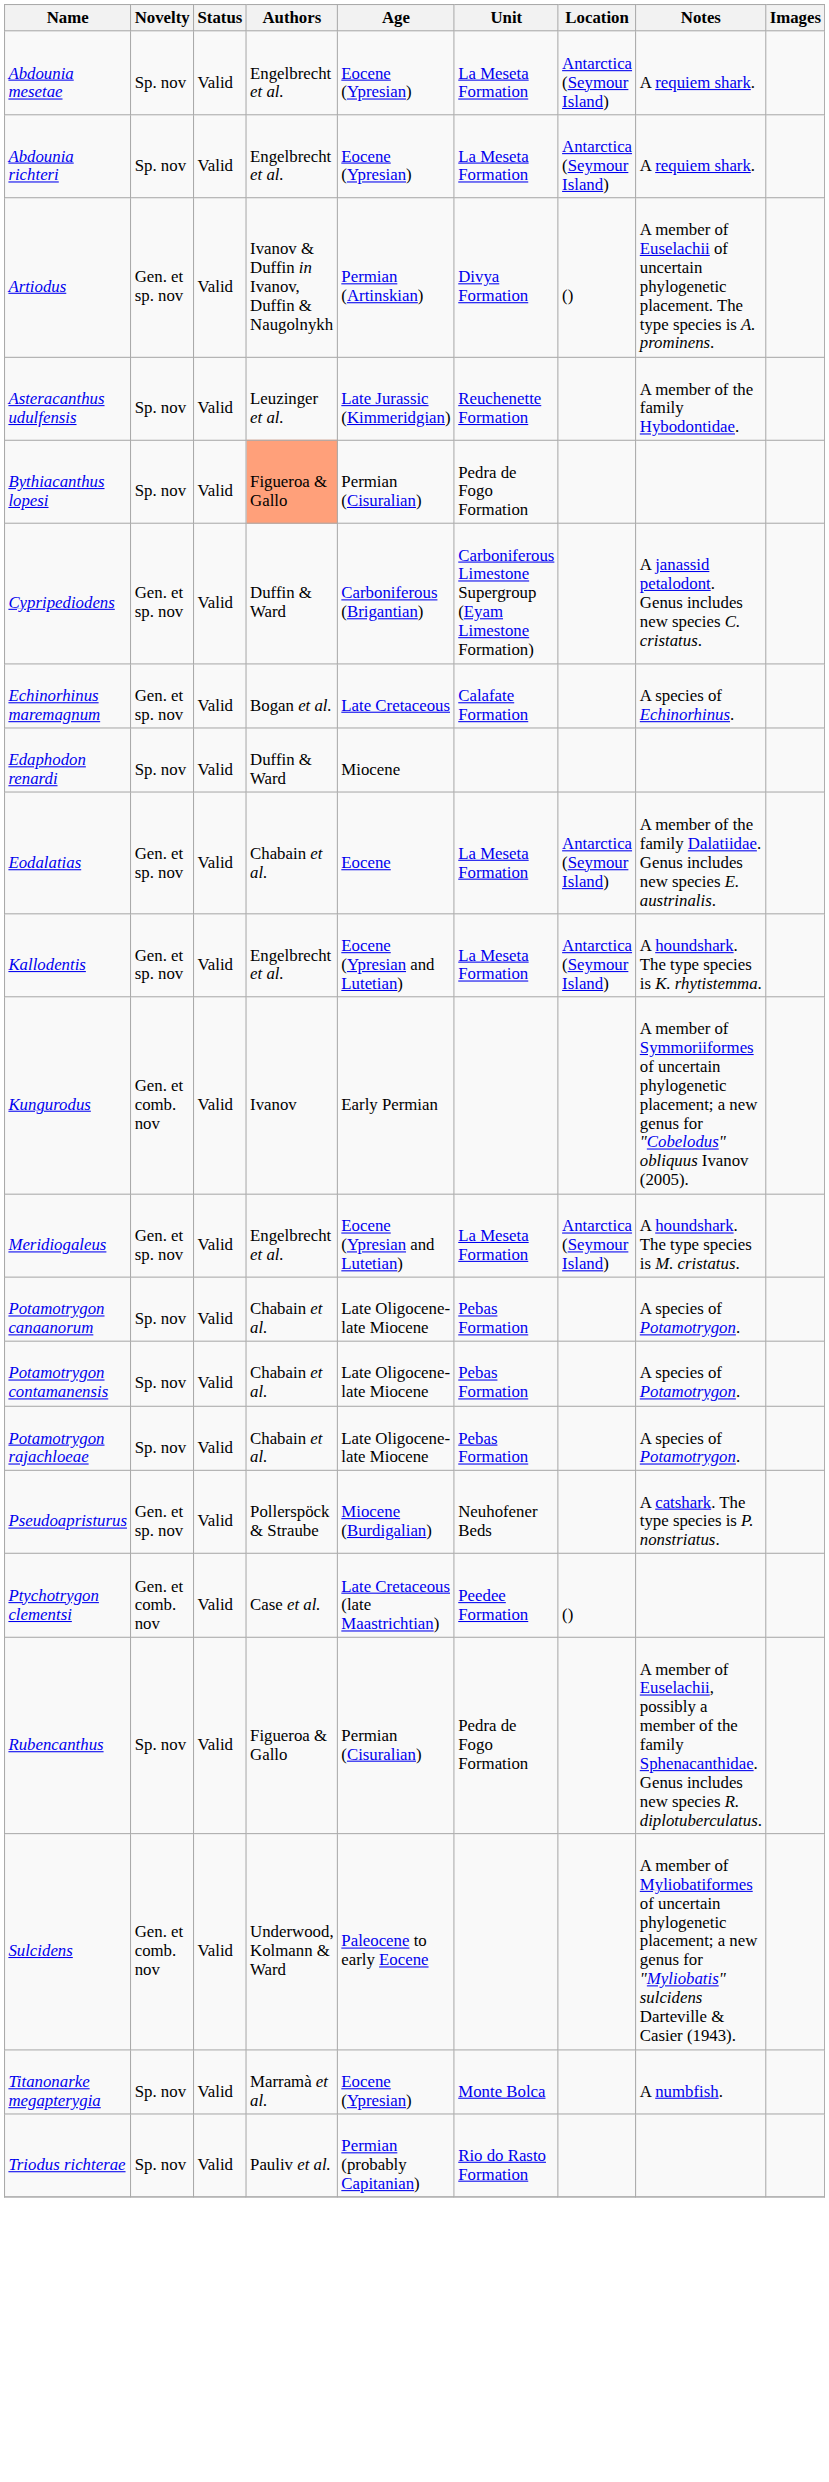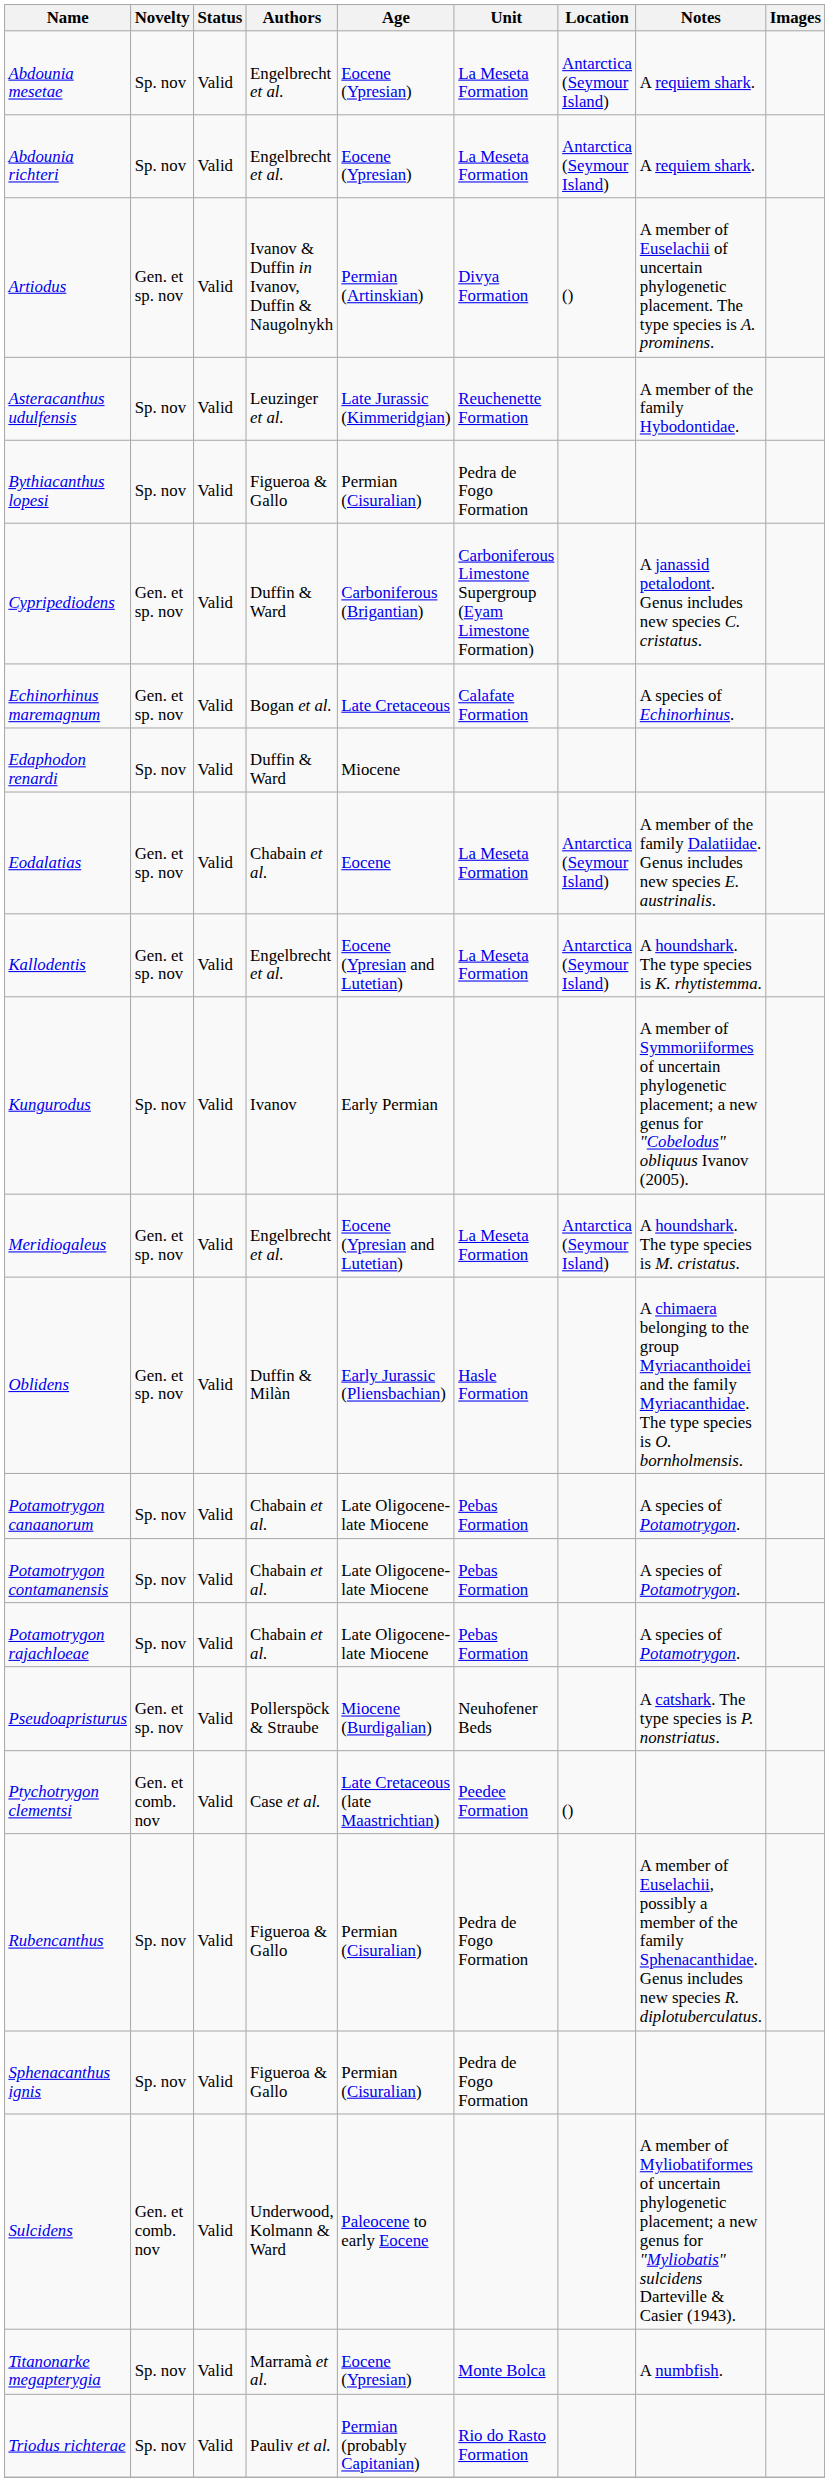 <table class="wikitable sortable" align="center" width="100%">
 <tr>
 <th>Name</th>
 <th>Novelty</th>
 <th>Status</th>
 <th>Authors</th>
 <th>Age</th>
 <th>Unit</th>
 <th>Location</th>
 <th>Notes</th>
 <th>Images</th>
 </tr>
 <tr>
 <td><br><em><a href='#'>Abdounia mesetae</a></em></td>
 <td><br>Sp. nov</td>
 <td><br>Valid</td>
 <td><br>Engelbrecht <em>et al.</em></td>
 <td><br><a href='#'>Eocene</a> (<a href='#'>Ypresian</a>)</td>
 <td><br><a href='#'>La Meseta Formation</a></td>
 <td><br><a href='#'>Antarctica</a><br>(<a href='#'>Seymour Island</a>)</td>
 <td><br>A <a href='#'>requiem shark</a>.</td>
 <td></td>
 </tr>
 <tr>
 <td><br><em><a href='#'>Abdounia richteri</a></em></td>
 <td><br>Sp. nov</td>
 <td><br>Valid</td>
 <td><br>Engelbrecht <em>et al.</em></td>
 <td><br><a href='#'>Eocene</a> (<a href='#'>Ypresian</a>)</td>
 <td><br><a href='#'>La Meseta Formation</a></td>
 <td><br><a href='#'>Antarctica</a><br>(<a href='#'>Seymour Island</a>)</td>
 <td><br>A <a href='#'>requiem shark</a>.</td>
 <td></td>
 </tr>
 <tr>
 <td><br><em><a href='#'>Artiodus</a></em></td>
 <td><br>Gen. et sp. nov</td>
 <td><br>Valid</td>
 <td><br>Ivanov & Duffin <em>in</em> Ivanov, Duffin & Naugolnykh</td>
 <td><br><a href='#'>Permian</a> (<a href='#'>Artinskian</a>)</td>
 <td><br><a href='#'>Divya Formation</a></td>
 <td><br><br>()</td>
 <td><br>A member of <a href='#'>Euselachii</a> of uncertain phylogenetic placement. The type species is <em>A. prominens</em>.</td>
 <td></td>
 </tr>
 <tr>
 <td><br><em><a href='#'>Asteracanthus udulfensis</a></em></td>
 <td><br>Sp. nov</td>
 <td><br>Valid</td>
 <td><br>Leuzinger <em>et al.</em></td>
 <td><br><a href='#'>Late Jurassic</a> (<a href='#'>Kimmeridgian</a>)</td>
 <td><br><a href='#'>Reuchenette Formation</a></td>
 <td><br></td>
 <td><br>A member of the family <a href='#'>Hybodontidae</a>.</td>
 <td></td>
 </tr>
 <tr>
 <td><br><em><a href='#'>Bythiacanthus lopesi</a></em></td>
 <td><br>Sp. nov</td>
 <td><br>Valid</td>
-<td style="background: lightsalmon;"><br>Figueroa & Gallo</td>
+<td><br>Figueroa & Gallo</td>
 <td><br>Permian (<a href='#'>Cisuralian</a>)</td>
 <td><br>Pedra de Fogo Formation</td>
 <td><br></td>
 <td></td>
 <td></td>
 </tr>
 <tr>
 <td><br><em><a href='#'>Cypripediodens</a></em></td>
 <td><br>Gen. et sp. nov</td>
 <td><br>Valid</td>
 <td><br>Duffin & Ward</td>
 <td><br><a href='#'>Carboniferous</a> (<a href='#'>Brigantian</a>)</td>
 <td><br><a href='#'>Carboniferous Limestone</a> Supergroup<br>(<a href='#'>Eyam Limestone</a> Formation)</td>
 <td><br></td>
 <td><br>A <a href='#'>janassid</a> <a href='#'>petalodont</a>. Genus includes new species <em>C. cristatus</em>.</td>
 <td></td>
 </tr>
 <tr>
 <td><br><em><a href='#'>Echinorhinus maremagnum</a></em></td>
 <td><br>Gen. et sp. nov</td>
 <td><br>Valid</td>
 <td><br>Bogan <em>et al.</em></td>
 <td><br><a href='#'>Late Cretaceous</a></td>
 <td><br><a href='#'>Calafate Formation</a></td>
 <td><br><br> </td>
 <td><br>A species of <em><a href='#'>Echinorhinus</a></em>.</td>
 <td></td>
 </tr>
 <tr>
 <td><br><em><a href='#'>Edaphodon renardi</a></em></td>
 <td><br>Sp. nov</td>
 <td><br>Valid</td>
 <td><br>Duffin & Ward</td>
 <td><br>Miocene</td>
 <td></td>
 <td><br></td>
 <td></td>
 <td></td>
 </tr>
 <tr>
 <td><br><em><a href='#'>Eodalatias</a></em></td>
 <td><br>Gen. et sp. nov</td>
 <td><br>Valid</td>
 <td><br>Chabain <em>et al.</em></td>
 <td><br><a href='#'>Eocene</a></td>
 <td><br><a href='#'>La Meseta Formation</a></td>
 <td><br><a href='#'>Antarctica</a><br>(<a href='#'>Seymour Island</a>)</td>
 <td><br>A member of the family <a href='#'>Dalatiidae</a>. Genus includes new species <em>E. austrinalis</em>.</td>
 <td></td>
 </tr>
 <tr>
 <td><br><em><a href='#'>Kallodentis</a></em></td>
 <td><br>Gen. et sp. nov</td>
 <td><br>Valid</td>
 <td><br>Engelbrecht <em>et al.</em></td>
 <td><br><a href='#'>Eocene</a> (<a href='#'>Ypresian</a> and <a href='#'>Lutetian</a>)</td>
 <td><br><a href='#'>La Meseta Formation</a></td>
 <td><br><a href='#'>Antarctica</a><br>(<a href='#'>Seymour Island</a>)</td>
 <td><br>A <a href='#'>houndshark</a>. The type species is <em>K. rhytistemma</em>.</td>
 <td></td>
 </tr>
 <tr>
 <td><br><em><a href='#'>Kungurodus</a></em></td>
-<td><br>Gen. et comb. nov</td>
+<td><br>Sp. nov</td>
 <td><br>Valid</td>
 <td><br>Ivanov</td>
 <td><br>Early Permian</td>
 <td></td>
 <td><br><br> </td>
 <td><br>A member of <a href='#'>Symmoriiformes</a> of uncertain phylogenetic placement; a new genus for <em>"<a href='#'>Cobelodus</a>" obliquus</em> Ivanov (2005).</td>
 <td></td>
 </tr>
 <tr>
 <td><br><em><a href='#'>Meridiogaleus</a></em></td>
 <td><br>Gen. et sp. nov</td>
 <td><br>Valid</td>
 <td><br>Engelbrecht <em>et al.</em></td>
 <td><br><a href='#'>Eocene</a> (<a href='#'>Ypresian</a> and <a href='#'>Lutetian</a>)</td>
 <td><br><a href='#'>La Meseta Formation</a></td>
 <td><br><a href='#'>Antarctica</a><br>(<a href='#'>Seymour Island</a>)</td>
 <td><br>A <a href='#'>houndshark</a>. The type species is <em>M. cristatus</em>.</td>
+<td></td>
+</tr>
+<tr>
+<td><br><em><a href='#'>Oblidens</a></em></td>
+<td><br>Gen. et sp. nov</td>
+<td><br>Valid</td>
+<td><br>Duffin & Milàn</td>
+<td><br><a href='#'>Early Jurassic</a> (<a href='#'>Pliensbachian</a>)</td>
+<td><br><a href='#'>Hasle Formation</a></td>
+<td><br></td>
+<td><br>A <a href='#'>chimaera</a> belonging to the group <a href='#'>Myriacanthoidei</a> and the family <a href='#'>Myriacanthidae</a>. The type species is <em>O. bornholmensis</em>.</td>
 <td></td>
 </tr>
 <tr>
 <td><br><em><a href='#'>Potamotrygon canaanorum</a></em></td>
 <td><br>Sp. nov</td>
 <td><br>Valid</td>
 <td><br>Chabain <em>et al.</em></td>
 <td><br>Late Oligocene-late Miocene</td>
 <td><br><a href='#'>Pebas Formation</a></td>
 <td><br></td>
 <td><br>A species of <em><a href='#'>Potamotrygon</a></em>.</td>
 <td></td>
 </tr>
 <tr>
 <td><br><em><a href='#'>Potamotrygon contamanensis</a></em></td>
 <td><br>Sp. nov</td>
 <td><br>Valid</td>
 <td><br>Chabain <em>et al.</em></td>
 <td><br>Late Oligocene-late Miocene</td>
 <td><br><a href='#'>Pebas Formation</a></td>
 <td><br></td>
 <td><br>A species of <em><a href='#'>Potamotrygon</a></em>.</td>
 <td></td>
 </tr>
 <tr>
 <td><br><em><a href='#'>Potamotrygon rajachloeae</a></em></td>
 <td><br>Sp. nov</td>
 <td><br>Valid</td>
 <td><br>Chabain <em>et al.</em></td>
 <td><br>Late Oligocene-late Miocene</td>
 <td><br><a href='#'>Pebas Formation</a></td>
 <td><br></td>
 <td><br>A species of <em><a href='#'>Potamotrygon</a></em>.</td>
 <td></td>
 </tr>
 <tr>
 <td><br><em><a href='#'>Pseudoapristurus</a></em></td>
 <td><br>Gen. et sp. nov</td>
 <td><br>Valid</td>
 <td><br>Pollerspöck & Straube</td>
 <td><br><a href='#'>Miocene</a> (<a href='#'>Burdigalian</a>)</td>
 <td><br>Neuhofener Beds</td>
 <td><br></td>
 <td><br>A <a href='#'>catshark</a>. The type species is <em>P. nonstriatus</em>.</td>
 <td></td>
 </tr>
 <tr>
 <td><br><em><a href='#'>Ptychotrygon clementsi</a></em></td>
 <td><br>Gen. et comb. nov</td>
 <td><br>Valid</td>
 <td><br>Case <em>et al.</em></td>
 <td><br><a href='#'>Late Cretaceous</a> (late <a href='#'>Maastrichtian</a>)</td>
 <td><br><a href='#'>Peedee Formation</a></td>
 <td><br><br>()</td>
 <td></td>
 <td></td>
 </tr>
 <tr>
 <td><br><em><a href='#'>Rubencanthus</a></em></td>
 <td><br>Sp. nov</td>
 <td><br>Valid</td>
 <td><br>Figueroa & Gallo</td>
 <td><br>Permian (<a href='#'>Cisuralian</a>)</td>
 <td><br>Pedra de Fogo Formation</td>
 <td><br></td>
 <td><br>A member of <a href='#'>Euselachii</a>, possibly a member of the family <a href='#'>Sphenacanthidae</a>. Genus includes new species <em>R. diplotuberculatus</em>.</td>
 <td></td>
 </tr>
 <tr>
+<td><br><em><a href='#'>Sphenacanthus ignis</a></em></td>
+<td><br>Sp. nov</td>
+<td><br>Valid</td>
+<td><br>Figueroa & Gallo</td>
+<td><br>Permian (<a href='#'>Cisuralian</a>)</td>
+<td><br>Pedra de Fogo Formation</td>
+<td><br></td>
+<td></td>
+<td></td>
+</tr>
+<tr>
 <td><br><em><a href='#'>Sulcidens</a></em></td>
 <td><br>Gen. et comb. nov</td>
 <td><br>Valid</td>
 <td><br>Underwood, Kolmann & Ward</td>
 <td><br><a href='#'>Paleocene</a> to early <a href='#'>Eocene</a></td>
 <td></td>
 <td><br><br> </td>
 <td><br>A member of <a href='#'>Myliobatiformes</a> of uncertain phylogenetic placement; a new genus for <em>"<a href='#'>Myliobatis</a>" sulcidens</em> Darteville & Casier (1943).</td>
 <td></td>
 </tr>
 <tr>
 <td><br><em><a href='#'>Titanonarke megapterygia</a></em></td>
 <td><br>Sp. nov</td>
 <td><br>Valid</td>
 <td><br>Marramà <em>et al.</em></td>
 <td><br><a href='#'>Eocene</a> (<a href='#'>Ypresian</a>)</td>
 <td><br><a href='#'>Monte Bolca</a></td>
 <td><br></td>
 <td><br>A <a href='#'>numbfish</a>.</td>
 <td></td>
 </tr>
 <tr>
 <td><br><em><a href='#'>Triodus richterae</a></em></td>
 <td><br>Sp. nov</td>
 <td><br>Valid</td>
 <td><br>Pauliv <em>et al.</em></td>
 <td><br><a href='#'>Permian</a> (probably <a href='#'>Capitanian</a>)</td>
 <td><br><a href='#'>Rio do Rasto Formation</a></td>
 <td><br></td>
 <td></td>
 <td></td>
 </tr>
 <tr>
 </tr>
 </table>
